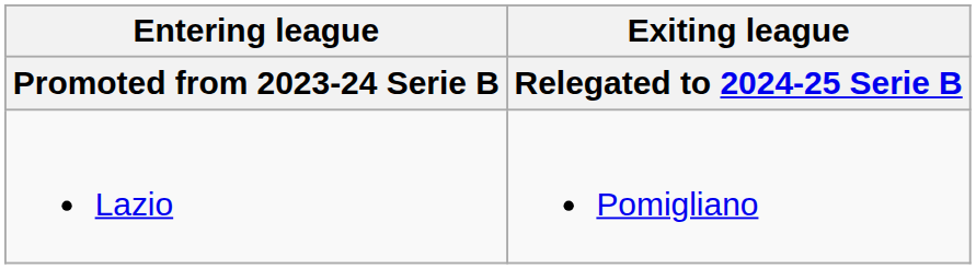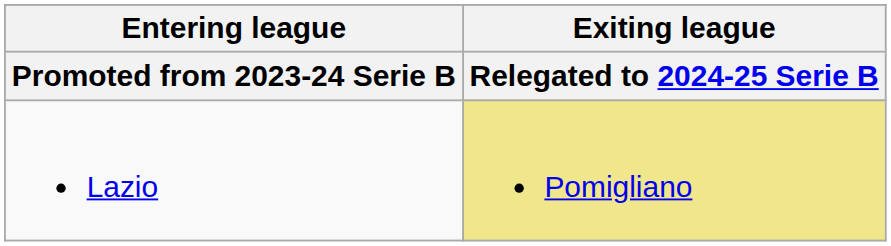 <table class="wikitable">
 <tr>
 <th>Entering league</th>
 <th>Exiting league</th>
 </tr>
 <tr>
 <th>Promoted from 2023-24 Serie B</th>
 <th>Relegated to <a href='#'>2024-25 Serie B</a></th>
 </tr>
 <tr style="vertical-align:top;">
 <td><br><ul><li><a href='#'>Lazio</a></li></ul></td>
-<td><br><ul><li><a href='#'>Pomigliano</a></li></ul></td>
+<td style="background: khaki;"><br><ul><li><a href='#'>Pomigliano</a></li></ul></td>
 </tr>
 </table>
